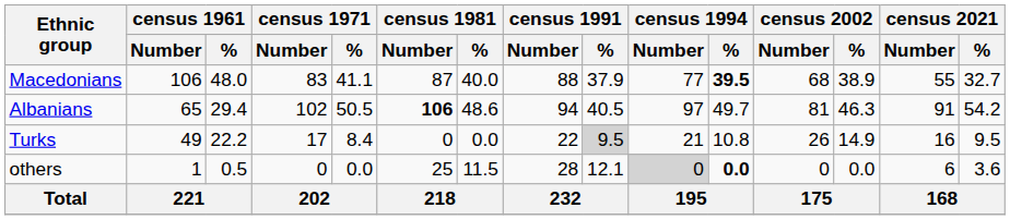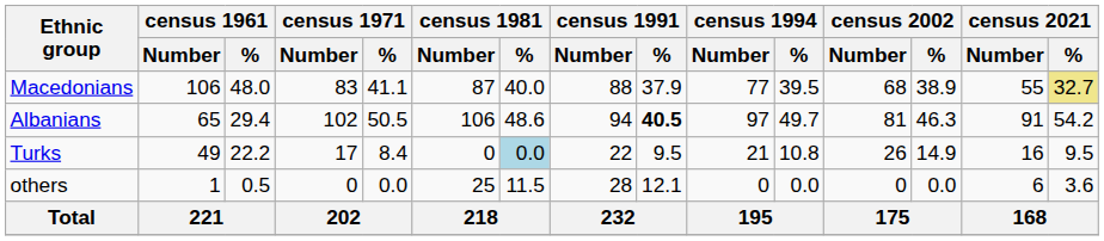 <table class="wikitable">
 <tr>
 <th rowspan="2">Ethnic<br>group</th>
 <th colspan="2">census 1961</th>
 <th colspan="2">census 1971</th>
 <th colspan="2">census 1981</th>
 <th colspan="2">census 1991</th>
 <th colspan="2">census 1994</th>
 <th colspan="2">census 2002</th>
 <th colspan="2">census 2021</th>
 </tr>
 <tr bgcolor="#e0e0e0">
 <th>Number</th>
 <th>%</th>
 <th>Number</th>
 <th>%</th>
 <th>Number</th>
 <th>%</th>
 <th>Number</th>
 <th>%</th>
 <th>Number</th>
 <th>%</th>
 <th>Number</th>
 <th>%</th>
 <th>Number</th>
 <th>%</th>
 </tr>
 <tr>
 <td><a href='#'>Macedonians</a></td>
 <td align="right">106</td>
 <td align="right">48.0</td>
 <td align="right">83</td>
 <td align="right">41.1</td>
 <td align="right">87</td>
 <td align="right">40.0</td>
 <td align="right">88</td>
 <td align="right">37.9</td>
 <td align="right">77</td>
-<td align="right"><strong>39.5</strong></td>
+<td align="right">39.5</td>
 <td align="right">68</td>
 <td align="right">38.9</td>
 <td align="right">55</td>
-<td align="right">32.7</td>
+<td align="right" style="background: khaki;">32.7</td>
 </tr>
 <tr>
 <td><a href='#'>Albanians</a></td>
 <td align="right">65</td>
 <td align="right">29.4</td>
 <td align="right">102</td>
 <td align="right">50.5</td>
-<td align="right"><strong>106</strong></td>
+<td align="right">106</td>
 <td align="right">48.6</td>
 <td align="right">94</td>
-<td align="right">40.5</td>
+<td align="right"><strong>40.5</strong></td>
 <td align="right">97</td>
 <td align="right">49.7</td>
 <td align="right">81</td>
 <td align="right">46.3</td>
 <td align="right">91</td>
 <td align="right">54.2</td>
 </tr>
 <tr>
 <td><a href='#'>Turks</a></td>
 <td align="right">49</td>
 <td align="right">22.2</td>
 <td align="right">17</td>
 <td align="right">8.4</td>
 <td align="right">0</td>
-<td align="right">0.0</td>
+<td align="right" style="background: lightblue;">0.0</td>
 <td align="right">22</td>
-<td align="right" style="background: lightgrey;">9.5</td>
+<td align="right">9.5</td>
 <td align="right">21</td>
 <td align="right">10.8</td>
 <td align="right">26</td>
 <td align="right">14.9</td>
 <td align="right">16</td>
 <td align="right">9.5</td>
 </tr>
 <tr>
 <td>others</td>
 <td align="right">1</td>
 <td align="right">0.5</td>
 <td align="right">0</td>
 <td align="right">0.0</td>
 <td align="right">25</td>
 <td align="right">11.5</td>
 <td align="right">28</td>
 <td align="right">12.1</td>
-<td align="right" style="background: lightgrey;">0</td>
-<td align="right"><strong>0.0</strong></td>
+<td align="right">0</td>
+<td align="right">0.0</td>
 <td align="right">0</td>
 <td align="right">0.0</td>
 <td align="right">6</td>
 <td align="right">3.6</td>
 </tr>
 <tr bgcolor="#e0e0e0">
 <th align="left">Total</th>
 <th colspan="2">221</th>
 <th colspan="2">202</th>
 <th colspan="2">218</th>
 <th colspan="2">232</th>
 <th colspan="2">195</th>
 <th colspan="2">175</th>
 <th colspan="2">168</th>
 </tr>
 <tr>
 </tr>
 </table>
